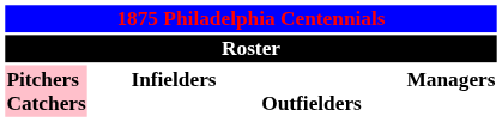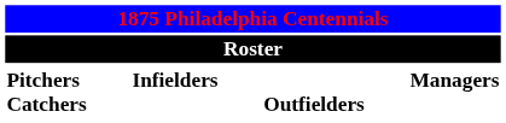 <table class="toccolours" style="font-size: 95%;">
 <tr>
 <th colspan="10" style="background-color: blue; color:red; text-align: center;">1875 Philadelphia Centennials</th>
 </tr>
 <tr>
 <td colspan="10" style="background-color:black; color: white; text-align: center;"><strong>Roster</strong></td>
 </tr>
 <tr>
-<td valign="top" style="background: pink;"><strong>Pitchers</strong><br> <strong>Catchers</strong>  </td>
+<td valign="top"><strong>Pitchers</strong><br> <strong>Catchers</strong>  </td>
 <td width="25px"></td>
 <td valign="top"><strong>Infielders</strong><br>    </td>
 <td width="25px"></td>
 <td valign="top"><br><strong>Outfielders</strong>    </td>
 <td width="25px"></td>
 <td valign="top"><strong>Managers</strong><br></td>
 </tr>
 </table>
